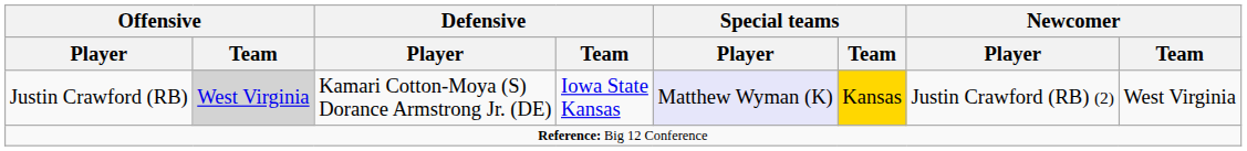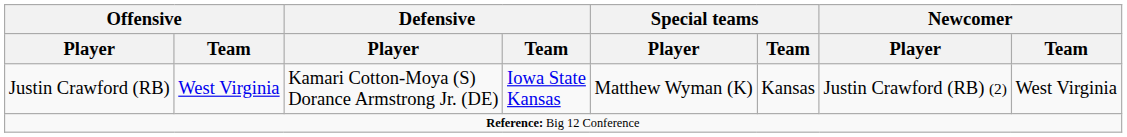 <table class="wikitable">
 <tr>
 <th colspan="2">Offensive</th>
 <th colspan="2">Defensive</th>
 <th colspan="2">Special teams</th>
 <th colspan="2">Newcomer</th>
 </tr>
 <tr>
 <th>Player</th>
 <th>Team</th>
 <th>Player</th>
 <th>Team</th>
 <th>Player</th>
 <th>Team</th>
 <th>Player</th>
 <th>Team</th>
 </tr>
 <tr>
 <td>Justin Crawford (RB)</td>
-<td style="background: lightgrey;"><a href='#'>West Virginia</a></td>
+<td><a href='#'>West Virginia</a></td>
 <td>Kamari Cotton-Moya (S)<br>Dorance Armstrong Jr. (DE)</td>
 <td><a href='#'>Iowa State</a><br><a href='#'>Kansas</a></td>
-<td style="background: lavender;">Matthew Wyman (K)</td>
-<td style="background: gold;">Kansas</td>
+<td>Matthew Wyman (K)</td>
+<td>Kansas</td>
 <td>Justin Crawford (RB) <small>(2)</small></td>
 <td>West Virginia</td>
 </tr>
 <tr>
 <td colspan="12"  style="font-size:8pt; text-align:center;"><strong>Reference:</strong> Big 12 Conference</td>
 </tr>
 </table>
